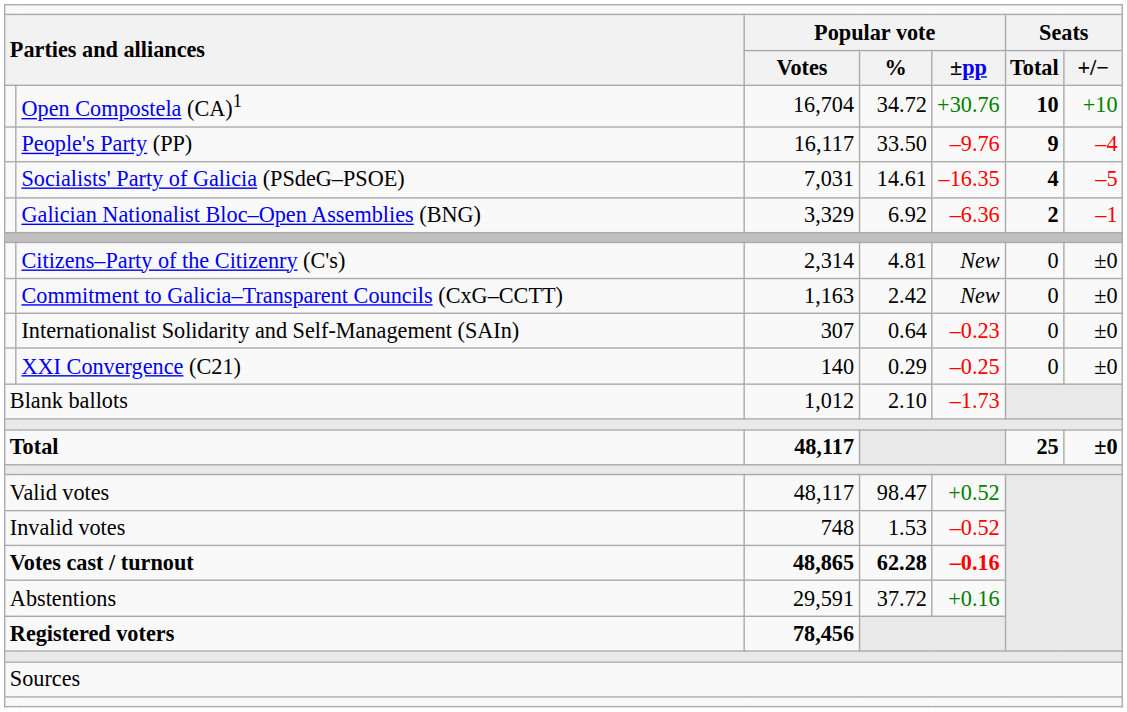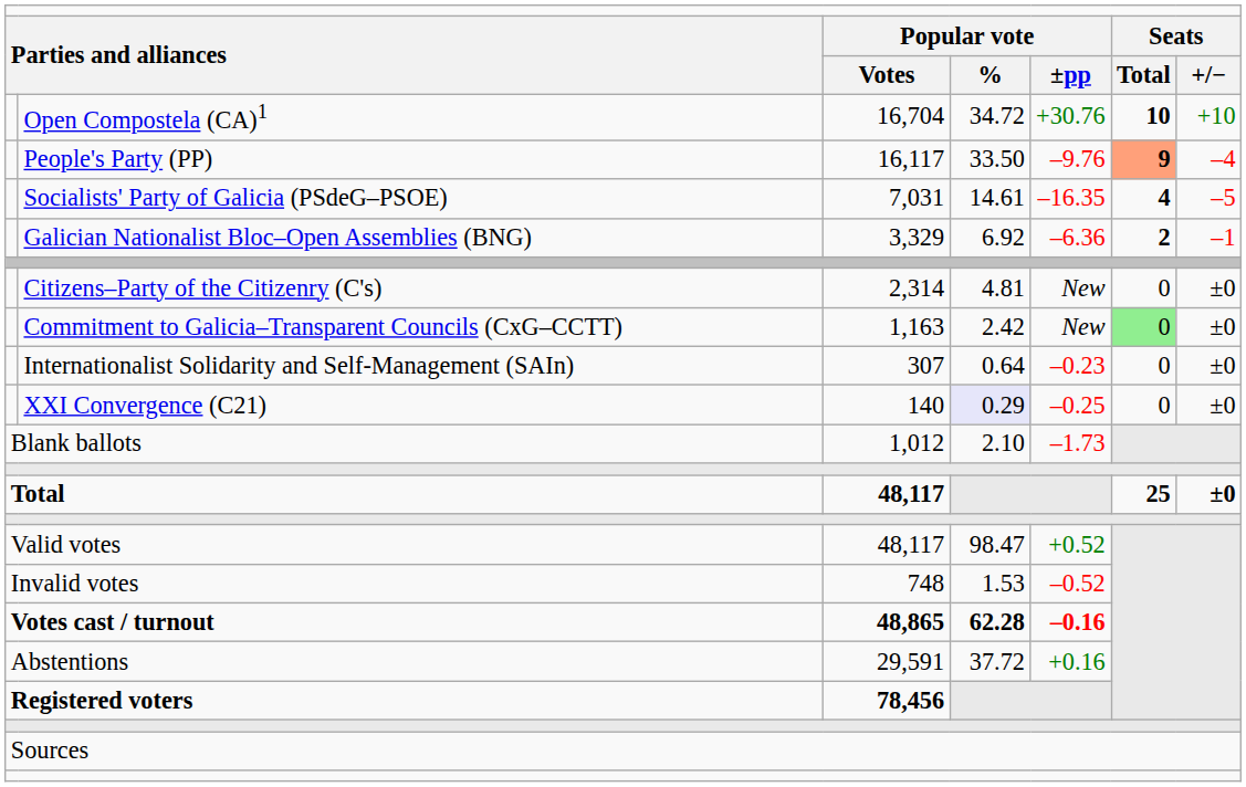 <table class="wikitable" style="text-align:right;">
 <tr>
 <td colspan="7"></td>
 </tr>
 <tr>
 <th style="text-align:left;" rowspan="2" colspan="2" width="525">Parties and alliances</th>
 <th colspan="3">Popular vote</th>
 <th colspan="2">Seats</th>
 </tr>
 <tr>
 <th width="75">Votes</th>
 <th width="45">%</th>
 <th width="45">±<a href='#'>pp</a></th>
 <th width="35">Total</th>
 <th width="35">+/−</th>
 </tr>
 <tr>
 <td width="1" style="color:inherit;background:"></td>
 <td align="left"><a href='#'>Open Compostela</a> (CA)<sup>1</sup></td>
 <td>16,704</td>
 <td>34.72</td>
 <td style="color:green;">+30.76</td>
 <td><strong>10</strong></td>
 <td style="color:green;">+10</td>
 </tr>
 <tr>
 <td style="color:inherit;background:"></td>
 <td align="left"><a href='#'>People's Party</a> (PP)</td>
 <td>16,117</td>
 <td>33.50</td>
 <td style="color:red;">–9.76</td>
-<td><strong>9</strong></td>
+<td style="background: lightsalmon;"><strong>9</strong></td>
 <td style="color:red;">–4</td>
 </tr>
 <tr>
 <td style="color:inherit;background:"></td>
 <td align="left"><a href='#'>Socialists' Party of Galicia</a> (PSdeG–PSOE)</td>
 <td>7,031</td>
 <td>14.61</td>
 <td style="color:red;">–16.35</td>
 <td><strong>4</strong></td>
 <td style="color:red;">–5</td>
 </tr>
 <tr>
 <td style="color:inherit;background:"></td>
 <td align="left"><a href='#'>Galician Nationalist Bloc–Open Assemblies</a> (BNG)</td>
 <td>3,329</td>
 <td>6.92</td>
 <td style="color:red;">–6.36</td>
 <td><strong>2</strong></td>
 <td style="color:red;">–1</td>
 </tr>
 <tr>
 <td colspan="7" bgcolor="#C0C0C0"></td>
 </tr>
 <tr>
 <td style="color:inherit;background:"></td>
 <td align="left"><a href='#'>Citizens–Party of the Citizenry</a> (C's)</td>
 <td>2,314</td>
 <td>4.81</td>
 <td><em>New</em></td>
 <td>0</td>
 <td>±0</td>
 </tr>
 <tr>
 <td style="color:inherit;background:"></td>
 <td align="left"><a href='#'>Commitment to Galicia–Transparent Councils</a> (CxG–CCTT)</td>
 <td>1,163</td>
 <td>2.42</td>
 <td><em>New</em></td>
-<td>0</td>
+<td style="background: lightgreen;">0</td>
 <td>±0</td>
 </tr>
 <tr>
 <td style="color:inherit;background:"></td>
 <td align="left">Internationalist Solidarity and Self-Management (SAIn)</td>
 <td>307</td>
 <td>0.64</td>
 <td style="color:red;">–0.23</td>
 <td>0</td>
 <td>±0</td>
 </tr>
 <tr>
 <td style="color:inherit;background:"></td>
 <td align="left"><a href='#'>XXI Convergence</a> (C21)</td>
 <td>140</td>
-<td>0.29</td>
+<td style="background: lavender;">0.29</td>
 <td style="color:red;">–0.25</td>
 <td>0</td>
 <td>±0</td>
 </tr>
 <tr>
 <td align="left" colspan="2">Blank ballots</td>
 <td>1,012</td>
 <td>2.10</td>
 <td style="color:red;">–1.73</td>
 <td bgcolor="#E9E9E9" colspan="2"></td>
 </tr>
 <tr>
 <td colspan="7" bgcolor="#E9E9E9"></td>
 </tr>
 <tr style="font-weight:bold;">
 <td align="left" colspan="2">Total</td>
 <td>48,117</td>
 <td bgcolor="#E9E9E9" colspan="2"></td>
 <td>25</td>
 <td>±0</td>
 </tr>
 <tr>
 <td colspan="7" bgcolor="#E9E9E9"></td>
 </tr>
 <tr>
 <td align="left" colspan="2">Valid votes</td>
 <td>48,117</td>
 <td>98.47</td>
 <td style="color:green;">+0.52</td>
 <td bgcolor="#E9E9E9" colspan="2" rowspan="5"></td>
 </tr>
 <tr>
 <td align="left" colspan="2">Invalid votes</td>
 <td>748</td>
 <td>1.53</td>
 <td style="color:red;">–0.52</td>
 </tr>
 <tr style="font-weight:bold;">
 <td align="left" colspan="2">Votes cast / turnout</td>
 <td>48,865</td>
 <td>62.28</td>
 <td style="color:red;">–0.16</td>
 </tr>
 <tr>
 <td align="left" colspan="2">Abstentions</td>
 <td>29,591</td>
 <td>37.72</td>
 <td style="color:green;">+0.16</td>
 </tr>
 <tr style="font-weight:bold;">
 <td align="left" colspan="2">Registered voters</td>
 <td>78,456</td>
 <td bgcolor="#E9E9E9" colspan="2"></td>
 </tr>
 <tr>
 <td colspan="7" bgcolor="#E9E9E9"></td>
 </tr>
 <tr>
 <td align="left" colspan="7">Sources</td>
 </tr>
 <tr>
 <td colspan="7" style="text-align:left; max-width:790px;"></td>
 </tr>
 </table>
